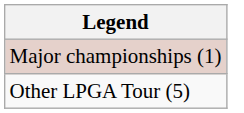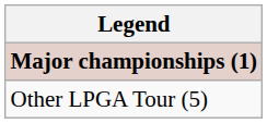 <table class="wikitable" style="font-size:95%;">
 <tr>
 <th>Legend</th>
 </tr>
 <tr style="background:#e5d1cb;">
-<td>Major championships (1)</td>
+<td><strong>Major championships (1)</strong></td>
 </tr>
 <tr>
 <td>Other LPGA Tour (5)</td>
 </tr>
 </table>
